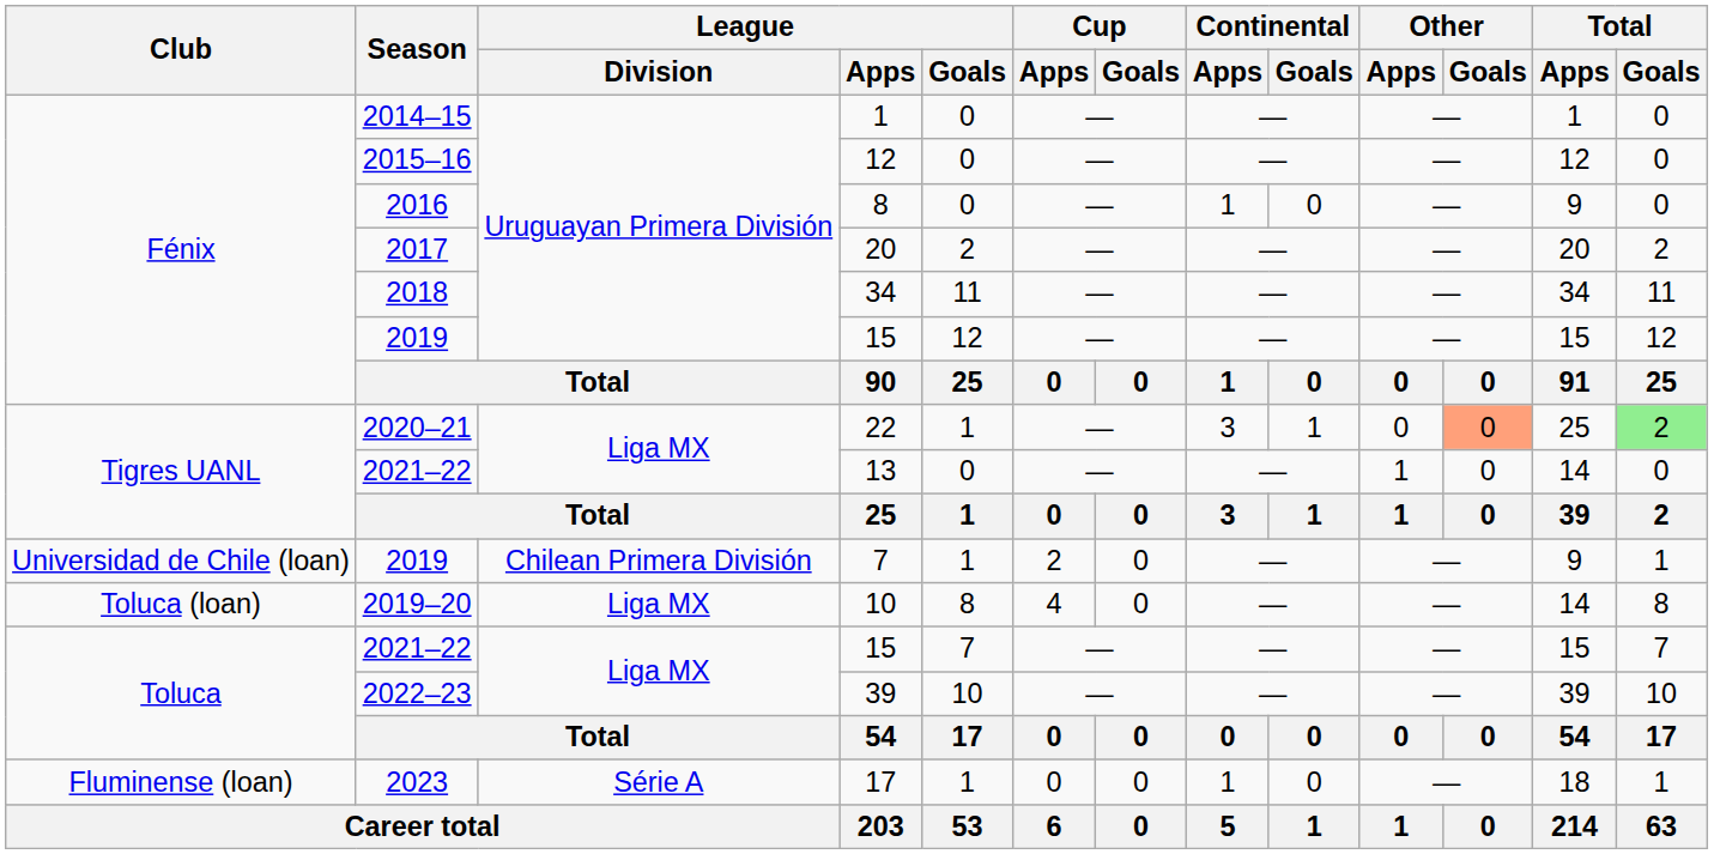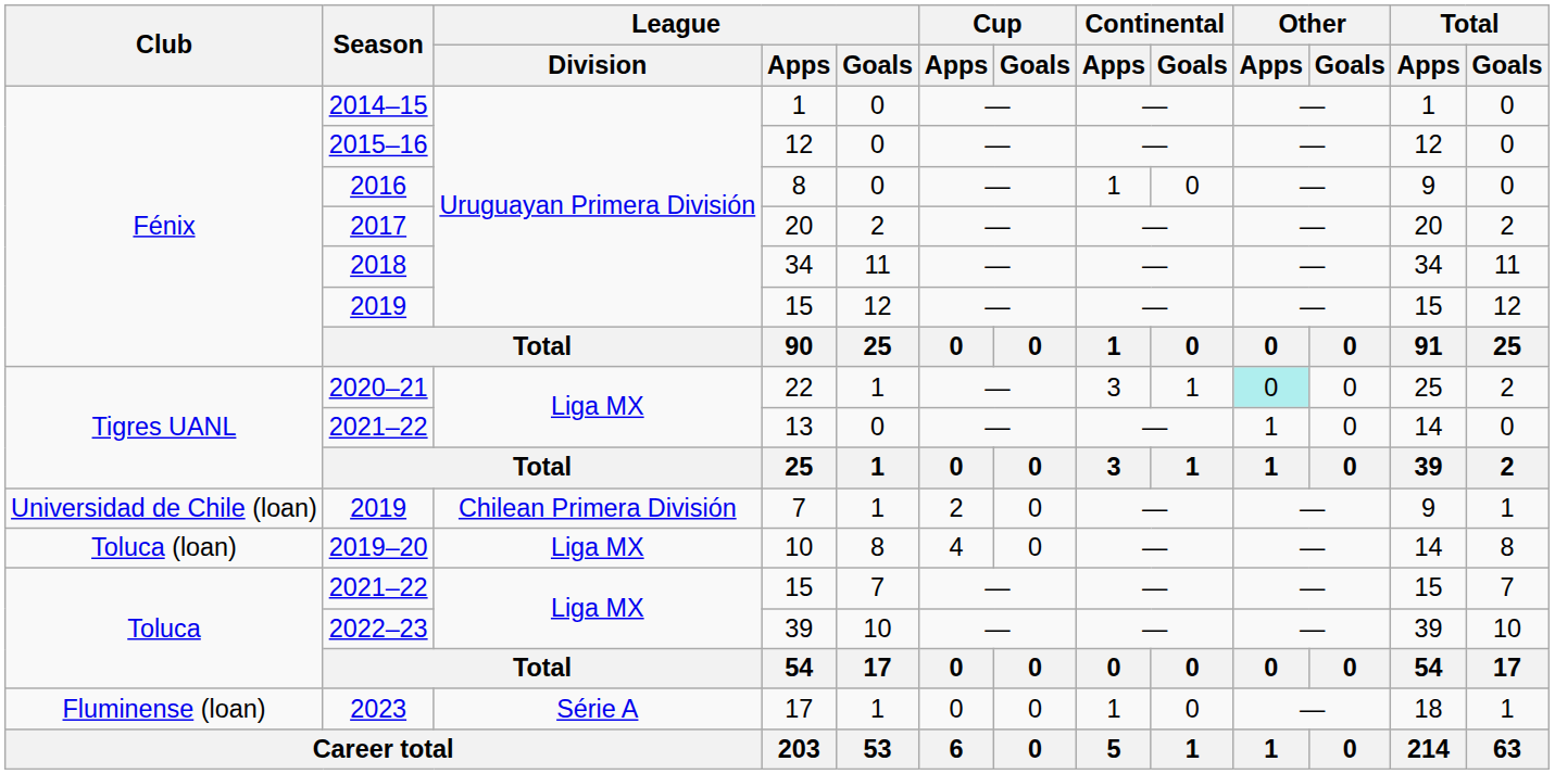 <table class="wikitable" style="text-align:center">
 <tr>
 <th rowspan="2">Club</th>
 <th rowspan="2">Season</th>
 <th colspan="3">League</th>
 <th colspan="2">Cup</th>
 <th colspan="2">Continental</th>
 <th colspan="2">Other</th>
 <th colspan="2">Total</th>
 </tr>
 <tr>
 <th>Division</th>
 <th>Apps</th>
 <th>Goals</th>
 <th>Apps</th>
 <th>Goals</th>
 <th>Apps</th>
 <th>Goals</th>
 <th>Apps</th>
 <th>Goals</th>
 <th>Apps</th>
 <th>Goals</th>
 </tr>
 <tr>
 <td rowspan="7"><a href='#'>Fénix</a></td>
 <td><a href='#'>2014–15</a></td>
 <td rowspan="6"><a href='#'>Uruguayan Primera División</a></td>
 <td>1</td>
 <td>0</td>
 <td colspan="2">—</td>
 <td colspan="2">—</td>
 <td colspan="2">—</td>
 <td>1</td>
 <td>0</td>
 </tr>
 <tr>
 <td><a href='#'>2015–16</a></td>
 <td>12</td>
 <td>0</td>
 <td colspan="2">—</td>
 <td colspan="2">—</td>
 <td colspan="2">—</td>
 <td>12</td>
 <td>0</td>
 </tr>
 <tr>
 <td><a href='#'>2016</a></td>
 <td>8</td>
 <td>0</td>
 <td colspan="2">—</td>
 <td>1</td>
 <td>0</td>
 <td colspan="2">—</td>
 <td>9</td>
 <td>0</td>
 </tr>
 <tr>
 <td><a href='#'>2017</a></td>
 <td>20</td>
 <td>2</td>
 <td colspan="2">—</td>
 <td colspan="2">—</td>
 <td colspan="2">—</td>
 <td>20</td>
 <td>2</td>
 </tr>
 <tr>
 <td><a href='#'>2018</a></td>
 <td>34</td>
 <td>11</td>
 <td colspan="2">—</td>
 <td colspan="2">—</td>
 <td colspan="2">—</td>
 <td>34</td>
 <td>11</td>
 </tr>
 <tr>
 <td><a href='#'>2019</a></td>
 <td>15</td>
 <td>12</td>
 <td colspan="2">—</td>
 <td colspan="2">—</td>
 <td colspan="2">—</td>
 <td>15</td>
 <td>12</td>
 </tr>
 <tr>
 <th colspan="2">Total</th>
 <th>90</th>
 <th>25</th>
 <th>0</th>
 <th>0</th>
 <th>1</th>
 <th>0</th>
 <th>0</th>
 <th>0</th>
 <th>91</th>
 <th>25</th>
 </tr>
 <tr>
 <td rowspan="3"><a href='#'>Tigres UANL</a></td>
 <td><a href='#'>2020–21</a></td>
 <td rowspan="2"><a href='#'>Liga MX</a></td>
 <td>22</td>
 <td>1</td>
 <td colspan="2">—</td>
 <td>3</td>
 <td>1</td>
+<td style="background: paleturquoise;">0</td>
 <td>0</td>
-<td style="background: lightsalmon;">0</td>
 <td>25</td>
-<td style="background: lightgreen;">2</td>
+<td>2</td>
 </tr>
 <tr>
 <td><a href='#'>2021–22</a></td>
 <td>13</td>
 <td>0</td>
 <td colspan="2">—</td>
 <td colspan="2">—</td>
 <td>1</td>
 <td>0</td>
 <td>14</td>
 <td>0</td>
 </tr>
 <tr>
 <th colspan="2">Total</th>
 <th>25</th>
 <th>1</th>
 <th>0</th>
 <th>0</th>
 <th>3</th>
 <th>1</th>
 <th>1</th>
 <th>0</th>
 <th>39</th>
 <th>2</th>
 </tr>
 <tr>
 <td rowspan="1"><a href='#'>Universidad de Chile</a> (loan)</td>
 <td><a href='#'>2019</a></td>
 <td rowspan="1"><a href='#'>Chilean Primera División</a></td>
 <td>7</td>
 <td>1</td>
 <td>2</td>
 <td>0</td>
 <td colspan="2">—</td>
 <td colspan="2">—</td>
 <td>9</td>
 <td>1</td>
 </tr>
 <tr>
 <td rowspan="1"><a href='#'>Toluca</a> (loan)</td>
 <td><a href='#'>2019–20</a></td>
 <td rowspan="1"><a href='#'>Liga MX</a></td>
 <td>10</td>
 <td>8</td>
 <td>4</td>
 <td>0</td>
 <td colspan="2">—</td>
 <td colspan="2">—</td>
 <td>14</td>
 <td>8</td>
 </tr>
 <tr>
 <td rowspan="3"><a href='#'>Toluca</a></td>
 <td><a href='#'>2021–22</a></td>
 <td rowspan="2"><a href='#'>Liga MX</a></td>
 <td>15</td>
 <td>7</td>
 <td colspan="2">—</td>
 <td colspan="2">—</td>
 <td colspan="2">—</td>
 <td>15</td>
 <td>7</td>
 </tr>
 <tr>
 <td><a href='#'>2022–23</a></td>
 <td>39</td>
 <td>10</td>
 <td colspan="2">—</td>
 <td colspan="2">—</td>
 <td colspan="2">—</td>
 <td>39</td>
 <td>10</td>
 </tr>
 <tr>
 <th colspan="2">Total</th>
 <th>54</th>
 <th>17</th>
 <th>0</th>
 <th>0</th>
 <th>0</th>
 <th>0</th>
 <th>0</th>
 <th>0</th>
 <th>54</th>
 <th>17</th>
 </tr>
 <tr>
 <td rowspan="1"><a href='#'>Fluminense</a> (loan)</td>
 <td><a href='#'>2023</a></td>
 <td rowspan="1"><a href='#'>Série A</a></td>
 <td>17</td>
 <td>1</td>
 <td>0</td>
 <td>0</td>
 <td>1</td>
 <td>0</td>
 <td colspan="2">—</td>
 <td>18</td>
 <td>1</td>
 </tr>
 <tr>
 <th colspan="3">Career total</th>
 <th>203</th>
 <th>53</th>
 <th>6</th>
 <th>0</th>
 <th>5</th>
 <th>1</th>
 <th>1</th>
 <th>0</th>
 <th>214</th>
 <th>63</th>
 </tr>
 </table>
